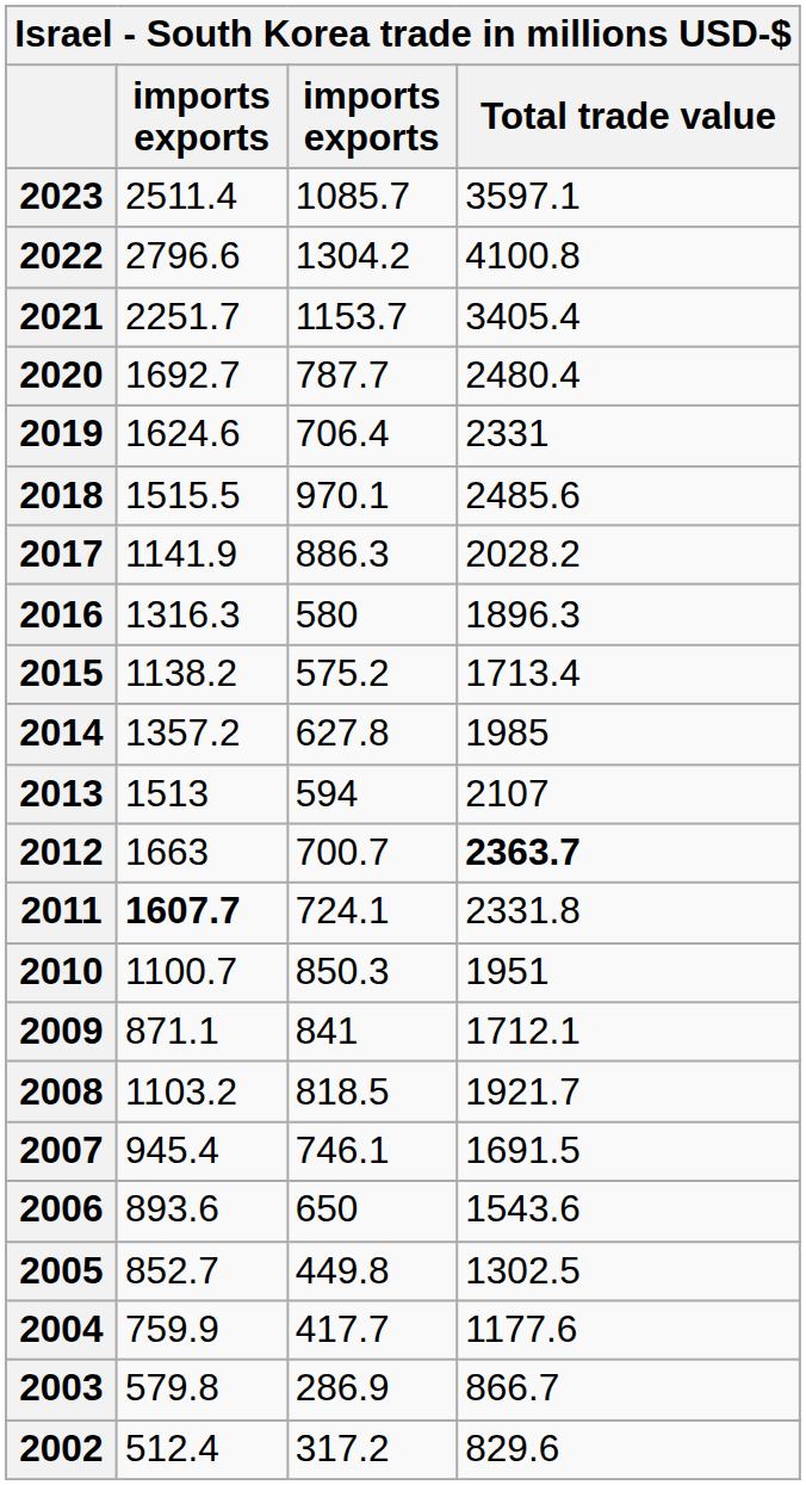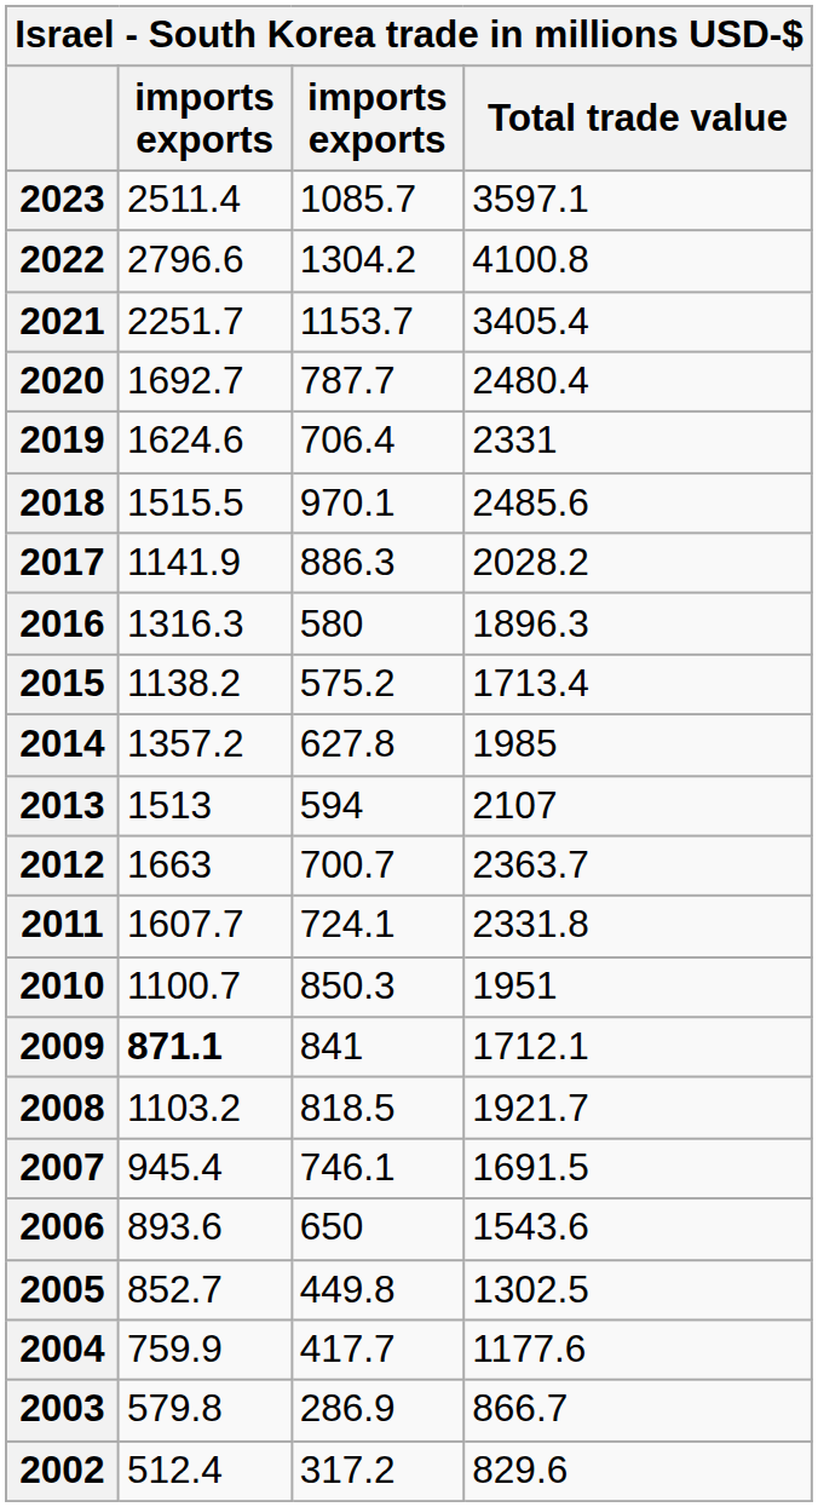 <table class="wikitable mw-collapsible mw-collapsed">
 <tr>
 <th colspan="4">Israel - South Korea trade in millions USD-$ </th>
 </tr>
 <tr>
 <th></th>
 <th> imports<br> exports</th>
 <th> imports<br> exports</th>
 <th>Total trade value</th>
 </tr>
 <tr>
 <th>2023</th>
 <td>2511.4</td>
 <td>1085.7</td>
 <td>3597.1</td>
 </tr>
 <tr>
 <th>2022</th>
 <td>2796.6</td>
 <td>1304.2</td>
 <td>4100.8</td>
 </tr>
 <tr>
 <th>2021</th>
 <td>2251.7</td>
 <td>1153.7</td>
 <td>3405.4</td>
 </tr>
 <tr>
 <th>2020</th>
 <td>1692.7</td>
 <td>787.7</td>
 <td>2480.4</td>
 </tr>
 <tr>
 <th>2019</th>
 <td>1624.6</td>
 <td>706.4</td>
 <td>2331</td>
 </tr>
 <tr>
 <th>2018</th>
 <td>1515.5</td>
 <td>970.1</td>
 <td>2485.6</td>
 </tr>
 <tr>
 <th>2017</th>
 <td>1141.9</td>
 <td>886.3</td>
 <td>2028.2</td>
 </tr>
 <tr>
 <th>2016</th>
 <td>1316.3</td>
 <td>580</td>
 <td>1896.3</td>
 </tr>
 <tr>
 <th>2015</th>
 <td>1138.2</td>
 <td>575.2</td>
 <td>1713.4</td>
 </tr>
 <tr>
 <th>2014</th>
 <td>1357.2</td>
 <td>627.8</td>
 <td>1985</td>
 </tr>
 <tr>
 <th>2013</th>
 <td>1513</td>
 <td>594</td>
 <td>2107</td>
 </tr>
 <tr>
 <th>2012</th>
 <td>1663</td>
 <td>700.7</td>
-<td><strong>2363.7</strong></td>
+<td>2363.7</td>
 </tr>
 <tr>
 <th>2011</th>
-<td><strong>1607.7</strong></td>
+<td>1607.7</td>
 <td>724.1</td>
 <td>2331.8</td>
 </tr>
 <tr>
 <th>2010</th>
 <td>1100.7</td>
 <td>850.3</td>
 <td>1951</td>
 </tr>
 <tr>
 <th>2009</th>
-<td>871.1</td>
+<td><strong>871.1</strong></td>
 <td>841</td>
 <td>1712.1</td>
 </tr>
 <tr>
 <th>2008</th>
 <td>1103.2</td>
 <td>818.5</td>
 <td>1921.7</td>
 </tr>
 <tr>
 <th>2007</th>
 <td>945.4</td>
 <td>746.1</td>
 <td>1691.5</td>
 </tr>
 <tr>
 <th>2006</th>
 <td>893.6</td>
 <td>650</td>
 <td>1543.6</td>
 </tr>
 <tr>
 <th>2005</th>
 <td>852.7</td>
 <td>449.8</td>
 <td>1302.5</td>
 </tr>
 <tr>
 <th>2004</th>
 <td>759.9</td>
 <td>417.7</td>
 <td>1177.6</td>
 </tr>
 <tr>
 <th>2003</th>
 <td>579.8</td>
 <td>286.9</td>
 <td>866.7</td>
 </tr>
 <tr>
 <th>2002</th>
 <td>512.4</td>
 <td>317.2</td>
 <td>829.6</td>
 </tr>
 </table>
